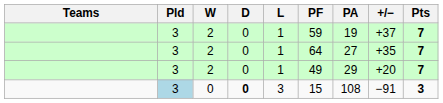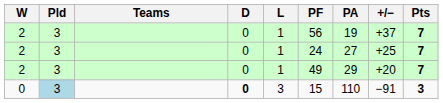 <table class="wikitable" style="text-align: center;">
 <tr>
+<th width="40">W</th>
+<th width="40">Pld</th>
 <th style="width:200px;">Teams</th>
-<th width="40">Pld</th>
-<th width="40">W</th>
 <th width="40">D</th>
 <th width="40">L</th>
 <th width="40">PF</th>
 <th width="40">PA</th>
 <th width="40">+/−</th>
 <th width="40">Pts</th>
 </tr>
 <tr bgcolor=ccffcc>
+<td>2</td>
+<td>3</td>
 <td align=left></td>
-<td>3</td>
-<td>2</td>
 <td>0</td>
 <td>1</td>
-<td>59</td>
+<td>56</td>
 <td>19</td>
 <td>+37</td>
 <td><strong>7</strong></td>
 </tr>
 <tr bgcolor=ccffcc>
+<td>2</td>
+<td>3</td>
 <td align=left></td>
-<td>3</td>
-<td>2</td>
 <td>0</td>
 <td>1</td>
-<td>64</td>
+<td>24</td>
 <td>27</td>
-<td>+35</td>
+<td>+25</td>
 <td><strong>7</strong></td>
 </tr>
 <tr bgcolor=ccffcc>
+<td>2</td>
+<td>3</td>
 <td align=left></td>
-<td>3</td>
-<td>2</td>
 <td>0</td>
 <td>1</td>
 <td>49</td>
 <td>29</td>
 <td>+20</td>
 <td><strong>7</strong></td>
 </tr>
 <tr>
+<td>0</td>
+<td style="background: lightblue;">3</td>
 <td align=left></td>
-<td style="background: lightblue;">3</td>
-<td>0</td>
 <td><strong>0</strong></td>
 <td>3</td>
 <td>15</td>
-<td>108</td>
+<td>110</td>
 <td>−91</td>
 <td><strong>3</strong></td>
 </tr>
 </table>
